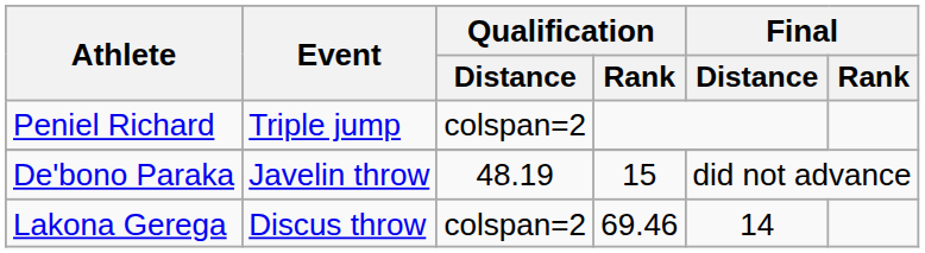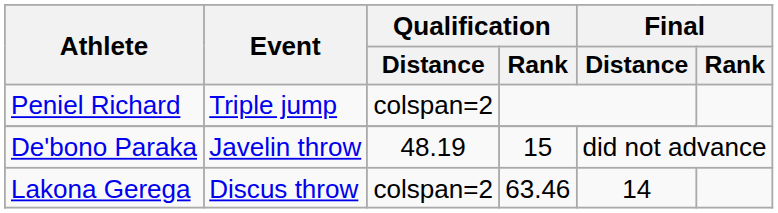 <table class="wikitable" style="font-size:90%">
 <tr>
 <th rowspan=2>Athlete</th>
 <th rowspan=2>Event</th>
 <th colspan=2>Qualification</th>
 <th colspan=2>Final</th>
 </tr>
 <tr style="font-size:95%">
 <th>Distance</th>
 <th>Rank</th>
 <th>Distance</th>
 <th>Rank</th>
 </tr>
 <tr align=center>
 <td align=left><a href='#'>Peniel Richard</a></td>
 <td align=left><a href='#'>Triple jump</a></td>
 <td>colspan=2 </td>
 <td colspan=2></td>
 </tr>
 <tr>
 </tr>
 <tr align=center>
 <td align=left><a href='#'>De'bono Paraka</a></td>
 <td align=left><a href='#'>Javelin throw</a></td>
 <td>48.19</td>
 <td>15</td>
 <td colspan=2>did not advance</td>
 </tr>
 <tr align=center>
 <td align=left><a href='#'>Lakona Gerega</a></td>
 <td align=left><a href='#'>Discus throw</a></td>
 <td>colspan=2 </td>
-<td>69.46</td>
+<td>63.46</td>
 <td>14</td>
 </tr>
 </table>
